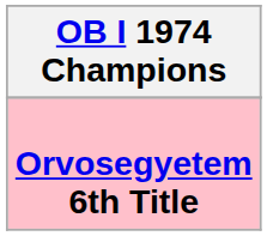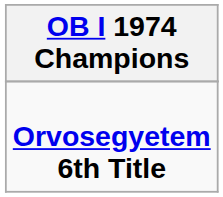 <table class="wikitable" style="text-align: center; margin: 0 auto;">
 <tr>
 <th><a href='#'>OB I</a> 1974<br>Champions</th>
 </tr>
 <tr>
 </tr>
 <tr>
-<td style="background: pink;"> <br><strong><a href='#'>Orvosegyetem</a></strong><br><strong>6th Title</strong></td>
+<td> <br><strong><a href='#'>Orvosegyetem</a></strong><br><strong>6th Title</strong></td>
 </tr>
 </table>
